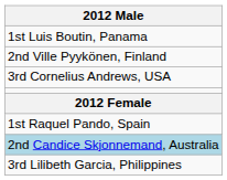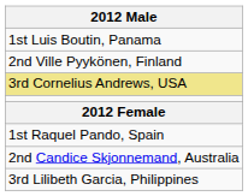 <table class="wikitable" style="float:left; margin-right:1em">
 <tr>
 <th>2012 Male</th>
 </tr>
 <tr>
 <td>1st Luis Boutin, Panama</td>
 </tr>
 <tr>
 <td>2nd Ville Pyykönen, Finland</td>
 </tr>
 <tr>
-<td>3rd Cornelius Andrews, USA</td>
+<td style="background: khaki;">3rd Cornelius Andrews, USA</td>
 </tr>
 <tr>
 <td></td>
 </tr>
 <tr>
 <th>2012 Female</th>
 </tr>
 <tr>
 <td>1st Raquel Pando, Spain</td>
 </tr>
 <tr>
-<td style="background: lightblue;">2nd <a href='#'>Candice Skjonnemand</a>, Australia</td>
+<td>2nd <a href='#'>Candice Skjonnemand</a>, Australia</td>
 </tr>
 <tr>
 <td>3rd Lilibeth Garcia, Philippines</td>
 </tr>
 </table>
